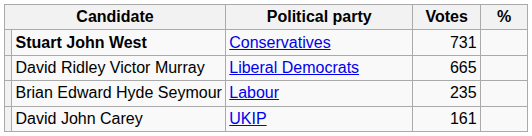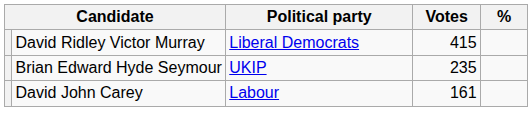 <table class="wikitable">
 <tr>
 <th valign=top colspan="2" style="width: 180px">Candidate</th>
 <th valign=top style="width: 180px">Political party</th>
 <th valign=top style="width: 60px">Votes</th>
 <th valign=top style="width: 40px">%</th>
 </tr>
 <tr>
 <th style="background-color: "></th>
-<td><strong>Stuart John West</strong></td>
-<td><a href='#'>Conservatives</a></td>
-<td align="right">731</td>
-<td align="right"></td>
-</tr>
-<tr>
-<th style="background-color: "></th>
 <td>David Ridley Victor Murray</td>
 <td><a href='#'>Liberal Democrats</a></td>
-<td align="right">665</td>
+<td align="right">415</td>
 <td align="right"></td>
 </tr>
 <tr>
 <th style="background-color: "></th>
 <td>Brian Edward Hyde Seymour</td>
-<td><a href='#'>Labour</a></td>
+<td><a href='#'>UKIP</a></td>
 <td align="right">235</td>
 <td align="right"></td>
 </tr>
 <tr>
 <th style="background-color: "></th>
 <td>David John Carey</td>
-<td><a href='#'>UKIP</a></td>
+<td><a href='#'>Labour</a></td>
 <td align="right">161</td>
 <td align="right"></td>
 </tr>
 <tr>
 </tr>
 </table>
